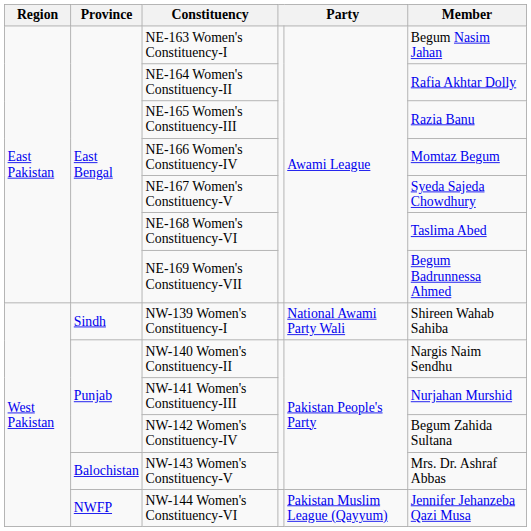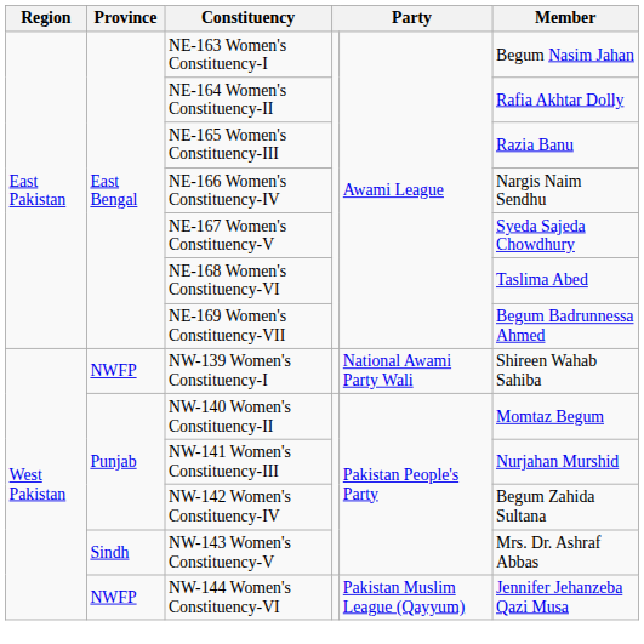 <table class="wikitable sortable">
 <tr>
 <th>Region</th>
 <th>Province</th>
 <th>Constituency</th>
 <th colspan="2">Party</th>
 <th>Member</th>
 </tr>
 <tr>
 <td rowspan="7"><a href='#'>East Pakistan</a></td>
 <td rowspan="7"><a href='#'>East Bengal</a></td>
 <td>NE-163 Women's Constituency-I</td>
 <td rowspan="7" style="background-color:"></td>
 <td rowspan="7"><a href='#'>Awami League</a></td>
 <td>Begum <a href='#'>Nasim Jahan</a></td>
 </tr>
 <tr>
 <td>NE-164 Women's Constituency-II</td>
 <td><a href='#'>Rafia Akhtar Dolly</a></td>
 </tr>
 <tr>
 <td>NE-165 Women's Constituency-III</td>
 <td><a href='#'>Razia Banu</a></td>
 </tr>
 <tr>
 <td>NE-166 Women's Constituency-IV</td>
-<td><a href='#'>Momtaz Begum</a></td>
+<td>Nargis Naim Sendhu</td>
 </tr>
 <tr>
 <td>NE-167 Women's Constituency-V</td>
 <td><a href='#'>Syeda Sajeda Chowdhury</a></td>
 </tr>
 <tr>
 <td>NE-168 Women's Constituency-VI</td>
 <td><a href='#'>Taslima Abed</a></td>
 </tr>
 <tr>
 <td>NE-169 Women's Constituency-VII</td>
 <td><a href='#'>Begum Badrunnessa Ahmed</a></td>
 </tr>
 <tr>
 <td rowspan="6"><a href='#'>West Pakistan</a></td>
-<td><a href='#'>Sindh</a></td>
+<td><a href='#'>NWFP</a></td>
 <td>NW-139 Women's Constituency-I</td>
 <td style="background-color:"></td>
 <td><a href='#'>National Awami Party Wali</a></td>
 <td>Shireen Wahab Sahiba</td>
 </tr>
 <tr>
 <td rowspan="3"><a href='#'>Punjab</a></td>
 <td>NW-140 Women's Constituency-II</td>
 <td rowspan="4" style="background-color:"></td>
 <td rowspan="4"><a href='#'>Pakistan People's Party</a></td>
-<td>Nargis Naim Sendhu</td>
+<td><a href='#'>Momtaz Begum</a></td>
 </tr>
 <tr>
 <td>NW-141 Women's Constituency-III</td>
 <td><a href='#'>Nurjahan Murshid</a></td>
 </tr>
 <tr>
 <td>NW-142 Women's Constituency-IV</td>
 <td>Begum Zahida Sultana</td>
 </tr>
 <tr>
-<td><a href='#'>Balochistan</a></td>
+<td><a href='#'>Sindh</a></td>
 <td>NW-143 Women's Constituency-V</td>
 <td>Mrs. Dr. Ashraf Abbas</td>
 </tr>
 <tr>
 <td><a href='#'>NWFP</a></td>
 <td>NW-144 Women's Constituency-VI</td>
 <td style="background-color:"></td>
 <td><a href='#'>Pakistan Muslim League (Qayyum)</a></td>
 <td><a href='#'>Jennifer Jehanzeba Qazi Musa</a></td>
 </tr>
 </table>
